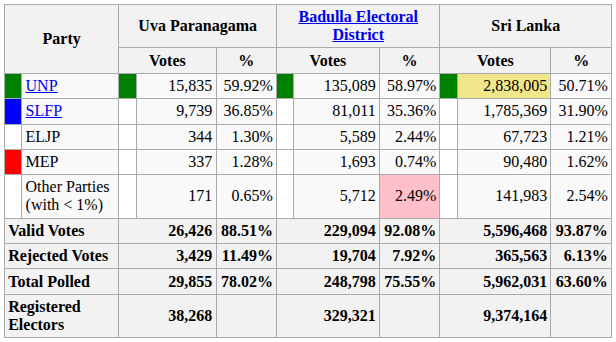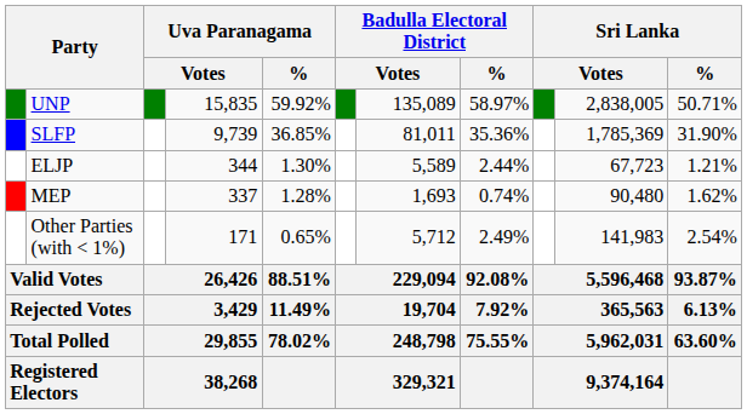 <table class="wikitable">
 <tr>
 <th colspan="2" width="144px"rowspan="2">Party</th>
 <th colspan="3" width="216px">Uva Paranagama</th>
 <th colspan="3" width="216px"><a href='#'>Badulla Electoral District</a></th>
 <th colspan="3" width="216px">Sri Lanka</th>
 </tr>
 <tr>
 <th colspan="2" width="144px">Votes</th>
 <th>%</th>
 <th colspan="2" width="144px">Votes</th>
 <th>%</th>
 <th colspan="2" width="144px">Votes</th>
 <th>%</th>
 </tr>
 <tr>
 <td style="background-color:green;" width="10px"></td>
 <td style="text-align:left;"><a href='#'>UNP</a></td>
 <td style="background-color:green;" width="10px"></td>
 <td style="text-align:right;">15,835</td>
 <td style="text-align:right;">59.92%</td>
 <td style="background-color:green;" width="10px"></td>
 <td style="text-align:right;">135,089</td>
 <td style="text-align:right;">58.97%</td>
 <td style="background-color:green;" width="10px"></td>
-<td style="background: khaki; text-align:right;">2,838,005</td>
+<td style="text-align:right;">2,838,005</td>
 <td style="text-align:right;">50.71%</td>
 </tr>
 <tr>
 <td style="background-color:blue;" width="10px"></td>
 <td style="text-align:left;"><a href='#'>SLFP</a></td>
 <td style="background-color:white;" width="10px"></td>
 <td style="text-align:right;">9,739</td>
 <td style="text-align:right;">36.85%</td>
 <td style="background-color:white;" width="10px"></td>
 <td style="text-align:right;">81,011</td>
 <td style="text-align:right;">35.36%</td>
 <td style="background-color:white;" width="10px"></td>
 <td style="text-align:right;">1,785,369</td>
 <td style="text-align:right;">31.90%</td>
 </tr>
 <tr>
 <td style="background-color:white;" width="10px"></td>
 <td style="text-align:left;">ELJP</td>
 <td style="background-color:white;" width="10px"></td>
 <td style="text-align:right;">344</td>
 <td style="text-align:right;">1.30%</td>
 <td style="background-color:white;" width="10px"></td>
 <td style="text-align:right;">5,589</td>
 <td style="text-align:right;">2.44%</td>
 <td style="background-color:white;" width="10px"></td>
 <td style="text-align:right;">67,723</td>
 <td style="text-align:right;">1.21%</td>
 </tr>
 <tr>
 <td style="background-color:red;" width="10px"></td>
 <td style="text-align:left;">MEP</td>
 <td style="background-color:white;" width="10px"></td>
 <td style="text-align:right;">337</td>
 <td style="text-align:right;">1.28%</td>
 <td style="background-color:white;" width="10px"></td>
 <td style="text-align:right;">1,693</td>
 <td style="text-align:right;">0.74%</td>
 <td style="background-color:white;" width="10px"></td>
 <td style="text-align:right;">90,480</td>
 <td style="text-align:right;">1.62%</td>
 </tr>
 <tr>
 <td style="background-color:white;" width="10px"></td>
 <td style="text-align:left;">Other Parties (with < 1%)</td>
 <td style="background-color:white;" width="10px"></td>
 <td style="text-align:right;">171</td>
 <td style="text-align:right;">0.65%</td>
 <td style="background-color:white;" width="10px"></td>
 <td style="text-align:right;">5,712</td>
-<td style="background: pink; text-align:right;">2.49%</td>
+<td style="text-align:right;">2.49%</td>
 <td style="background-color:white;" width="10px"></td>
 <td style="text-align:right;">141,983</td>
 <td style="text-align:right;">2.54%</td>
 </tr>
 <tr>
 <th colspan="2" width="144px"style="text-align:left;">Valid Votes</th>
 <th style="text-align:right;"colspan="2" width="144px">26,426</th>
 <th style="text-align:right;">88.51%</th>
 <th style="text-align:right;"colspan="2" width="144px">229,094</th>
 <th style="text-align:right;">92.08%</th>
 <th style="text-align:right;"colspan="2" width="144px">5,596,468</th>
 <th style="text-align:right;">93.87%</th>
 </tr>
 <tr>
 <th colspan="2" width="144px"style="text-align:left;">Rejected Votes</th>
 <th style="text-align:right;"colspan="2" width="144px">3,429</th>
 <th style="text-align:right;">11.49%</th>
 <th style="text-align:right;"colspan="2" width="144px">19,704</th>
 <th style="text-align:right;">7.92%</th>
 <th style="text-align:right;"colspan="2" width="144px">365,563</th>
 <th style="text-align:right;">6.13%</th>
 </tr>
 <tr>
 <th colspan="2" width="144px"style="text-align:left;">Total Polled</th>
 <th style="text-align:right;"colspan="2" width="144px">29,855</th>
 <th style="text-align:right;">78.02%</th>
 <th style="text-align:right;"colspan="2" width="144px">248,798</th>
 <th style="text-align:right;">75.55%</th>
 <th style="text-align:right;"colspan="2" width="144px">5,962,031</th>
 <th style="text-align:right;">63.60%</th>
 </tr>
 <tr>
 <th colspan="2" width="144px"style="text-align:left;">Registered Electors</th>
 <th style="text-align:right;"colspan="2" width="144px">38,268</th>
 <th></th>
 <th style="text-align:right;"colspan="2" width="144px">329,321</th>
 <th></th>
 <th style="text-align:right;"colspan="2" width="144px">9,374,164</th>
 <th></th>
 </tr>
 </table>
